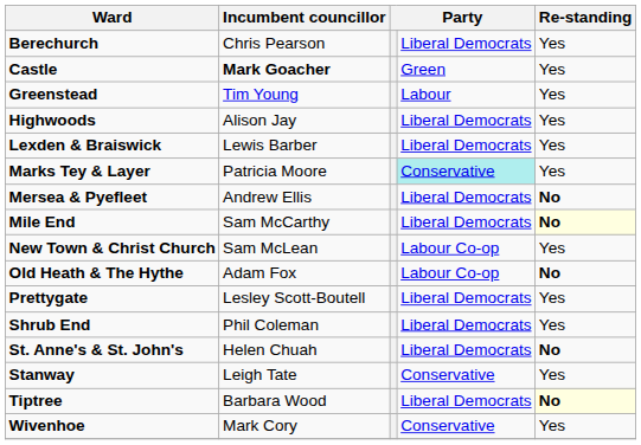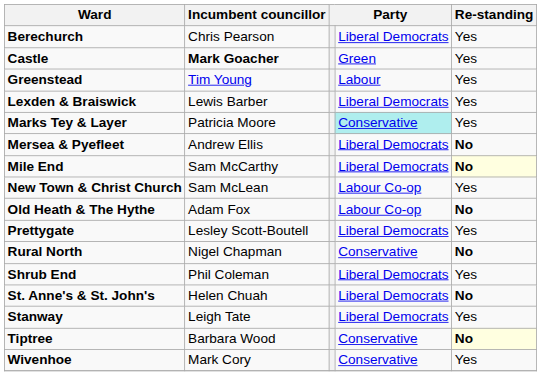 <table class="wikitable sortable">
 <tr>
 <th>Ward</th>
 <th>Incumbent councillor</th>
 <th colspan="2">Party</th>
 <th>Re-standing</th>
 </tr>
 <tr>
 <td align="left"><strong>Berechurch</strong></td>
 <td align="left">Chris Pearson</td>
 <th style="background-color: "></th>
 <td><a href='#'>Liberal Democrats</a></td>
 <td>Yes</td>
 </tr>
 <tr>
 <td align="left"><strong>Castle</strong></td>
 <td align="left"><strong>Mark Goacher</strong></td>
 <th style="background-color: "></th>
 <td><a href='#'>Green</a></td>
 <td>Yes</td>
 </tr>
 <tr>
 <td align="left"><strong>Greenstead</strong></td>
 <td align="left"><a href='#'>Tim Young</a></td>
 <th style="background-color: "></th>
 <td><a href='#'>Labour</a></td>
-<td>Yes</td>
-</tr>
-<tr>
-<td align="left"><strong>Highwoods</strong></td>
-<td align="left">Alison Jay</td>
-<th style="background-color: "></th>
-<td><a href='#'>Liberal Democrats</a></td>
 <td>Yes</td>
 </tr>
 <tr>
 <td align="left"><strong>Lexden & Braiswick</strong></td>
 <td align="left">Lewis Barber</td>
 <th style="background-color: "></th>
 <td><a href='#'>Liberal Democrats</a></td>
 <td>Yes</td>
 </tr>
 <tr>
 <td align="left"><strong>Marks Tey & Layer</strong></td>
 <td align="left">Patricia Moore</td>
 <th style="background-color: "></th>
 <td style="background: paleturquoise;"><a href='#'>Conservative</a></td>
 <td>Yes</td>
 </tr>
 <tr>
 <td align="left"><strong>Mersea & Pyefleet</strong></td>
 <td align="left">Andrew Ellis</td>
 <th style="background-color: "></th>
 <td><a href='#'>Liberal Democrats</a></td>
 <td><strong>No</strong></td>
 </tr>
 <tr>
 <td align="left"><strong>Mile End</strong></td>
 <td align="left">Sam McCarthy</td>
 <th style="background-color: "></th>
 <td><a href='#'>Liberal Democrats</a></td>
 <td style="background: lightyellow;"><strong>No</strong></td>
 </tr>
 <tr>
 <td align="left"><strong>New Town & Christ Church</strong></td>
 <td align="left">Sam McLean</td>
 <th style="background-color: "></th>
 <td><a href='#'>Labour Co-op</a></td>
 <td>Yes</td>
 </tr>
 <tr>
 <td align="left"><strong>Old Heath & The Hythe</strong></td>
 <td align="left">Adam Fox</td>
 <th style="background-color: "></th>
 <td><a href='#'>Labour Co-op</a></td>
 <td><strong>No</strong></td>
 </tr>
 <tr>
 <td align="left"><strong>Prettygate</strong></td>
 <td align="left">Lesley Scott-Boutell</td>
 <th style="background-color: "></th>
 <td><a href='#'>Liberal Democrats</a></td>
 <td>Yes</td>
 </tr>
 <tr>
+<td align="left"><strong>Rural North</strong></td>
+<td align="left">Nigel Chapman</td>
+<th style="background-color: "></th>
+<td><a href='#'>Conservative</a></td>
+<td><strong>No</strong></td>
+</tr>
+<tr>
 <td align="left"><strong>Shrub End</strong></td>
 <td align="left">Phil Coleman</td>
 <th style="background-color: "></th>
 <td><a href='#'>Liberal Democrats</a></td>
 <td>Yes</td>
 </tr>
 <tr>
 <td align="left"><strong>St. Anne's & St. John's</strong></td>
 <td align="left">Helen Chuah</td>
 <th style="background-color: "></th>
 <td><a href='#'>Liberal Democrats</a></td>
 <td><strong>No</strong></td>
 </tr>
 <tr>
 <td align="left"><strong>Stanway</strong></td>
 <td align="left">Leigh Tate</td>
 <th style="background-color: "></th>
-<td><a href='#'>Conservative</a></td>
+<td><a href='#'>Liberal Democrats</a></td>
 <td>Yes</td>
 </tr>
 <tr>
 <td align="left"><strong>Tiptree</strong></td>
 <td align="left">Barbara Wood</td>
 <th style="background-color: "></th>
-<td><a href='#'>Liberal Democrats</a></td>
+<td><a href='#'>Conservative</a></td>
 <td style="background: lightyellow;"><strong>No</strong></td>
 </tr>
 <tr>
 <td align="left"><strong>Wivenhoe</strong></td>
 <td align="left">Mark Cory</td>
 <th style="background-color: "></th>
 <td><a href='#'>Conservative</a></td>
 <td>Yes</td>
 </tr>
 <tr>
 </tr>
 </table>
